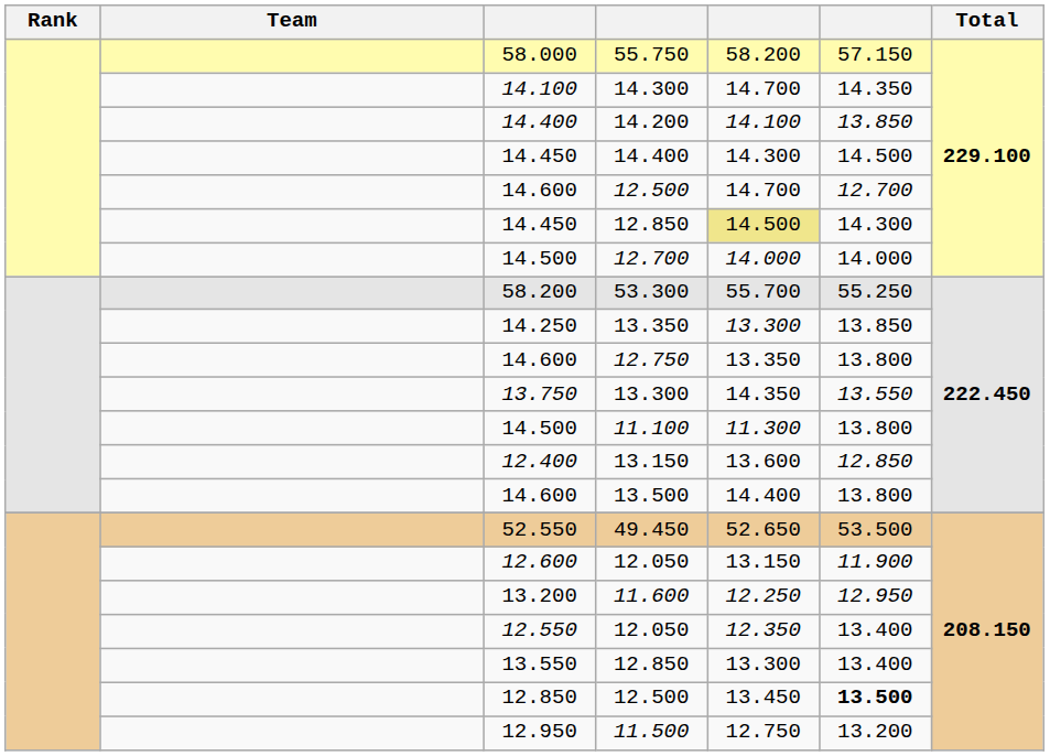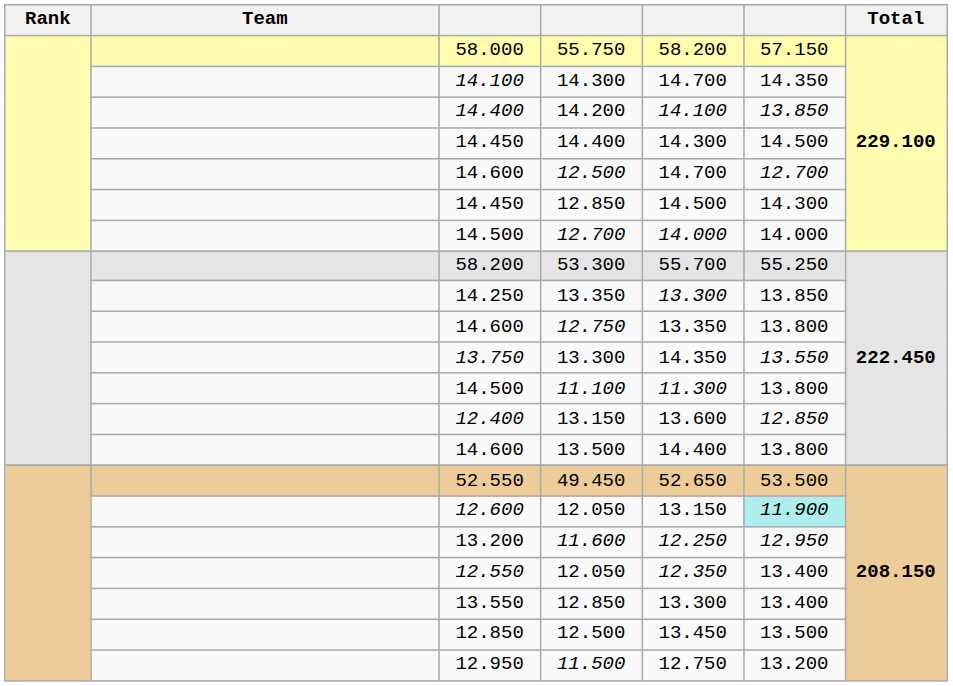 <table class="wikitable sortable" style="text-align:center; font-size:95%">
 <tr>
 <th scope="col" style="width:50px;">Rank</th>
 <th scope="col" style="width:220px;">Team</th>
 <th scope="col" style="width:60px;"></th>
 <th scope="col" style="width:60px;"></th>
 <th scope="col" style="width:60px;"></th>
 <th scope="col" style="width:60px;"></th>
 <th scope="col" style="width:60px;">Total</th>
 </tr>
 <tr style="background:#fffcaf;">
 <td rowspan=7></td>
 <td style="text-align:left;"><strong></strong></td>
 <td>58.000</td>
 <td>55.750</td>
 <td>58.200</td>
 <td>57.150</td>
 <td rowspan=7><strong>229.100</strong></td>
 </tr>
 <tr>
 <td style="text-align:left;"></td>
 <td><em>14.100</em></td>
 <td>14.300</td>
 <td>14.700</td>
 <td>14.350</td>
 </tr>
 <tr>
 <td style="text-align:left;"></td>
 <td><em>14.400</em></td>
 <td>14.200</td>
 <td><em>14.100</em></td>
 <td><em>13.850</em></td>
 </tr>
 <tr>
 <td style="text-align:left;"></td>
 <td>14.450</td>
 <td>14.400</td>
 <td>14.300</td>
 <td>14.500</td>
 </tr>
 <tr>
 <td style="text-align:left;"></td>
 <td>14.600</td>
 <td><em>12.500</em></td>
 <td>14.700</td>
 <td><em>12.700</em></td>
 </tr>
 <tr>
 <td style="text-align:left;"></td>
 <td>14.450</td>
 <td>12.850</td>
-<td style="background: khaki;">14.500</td>
+<td>14.500</td>
 <td>14.300</td>
 </tr>
 <tr>
 <td style="text-align:left;"></td>
 <td>14.500</td>
 <td><em>12.700</em></td>
 <td><em>14.000</em></td>
 <td>14.000</td>
 </tr>
 <tr style="background:#e5e5e5;">
 <td rowspan=7></td>
 <td style="text-align:left;"><strong></strong></td>
 <td>58.200</td>
 <td>53.300</td>
 <td>55.700</td>
 <td>55.250</td>
 <td rowspan=7><strong>222.450</strong></td>
 </tr>
 <tr>
 <td style="text-align:left;"></td>
 <td>14.250</td>
 <td>13.350</td>
 <td><em>13.300</em></td>
 <td>13.850</td>
 </tr>
 <tr>
 <td style="text-align:left;"></td>
 <td>14.600</td>
 <td><em>12.750</em></td>
 <td>13.350</td>
 <td>13.800</td>
 </tr>
 <tr>
 <td style="text-align:left;"></td>
 <td><em>13.750</em></td>
 <td>13.300</td>
 <td>14.350</td>
 <td><em>13.550</em></td>
 </tr>
 <tr>
 <td style="text-align:left;"></td>
 <td>14.500</td>
 <td><em>11.100</em></td>
 <td><em>11.300</em></td>
 <td>13.800</td>
 </tr>
 <tr>
 <td style="text-align:left;"></td>
 <td><em>12.400</em></td>
 <td>13.150</td>
 <td>13.600</td>
 <td><em>12.850</em></td>
 </tr>
 <tr>
 <td style="text-align:left;"></td>
 <td>14.600</td>
 <td>13.500</td>
 <td>14.400</td>
 <td>13.800</td>
 </tr>
 <tr>
 </tr>
 <tr style="background:#ec9;">
 <td rowspan=7></td>
 <td style="text-align:left;"><strong></strong></td>
 <td>52.550</td>
 <td>49.450</td>
 <td>52.650</td>
 <td>53.500</td>
 <td rowspan=7><strong>208.150</strong></td>
 </tr>
 <tr>
 <td style="text-align:left;"></td>
 <td><em>12.600</em></td>
 <td>12.050</td>
 <td>13.150</td>
-<td><em>11.900</em></td>
+<td style="background: paleturquoise;"><em>11.900</em></td>
 </tr>
 <tr>
 <td style="text-align:left;"></td>
 <td>13.200</td>
 <td><em>11.600</em></td>
 <td><em>12.250</em></td>
 <td><em>12.950</em></td>
 </tr>
 <tr>
 <td style="text-align:left;"></td>
 <td><em>12.550</em></td>
 <td>12.050</td>
 <td><em>12.350</em></td>
 <td>13.400</td>
 </tr>
 <tr>
 <td style="text-align:left;"></td>
 <td>13.550</td>
 <td>12.850</td>
 <td>13.300</td>
 <td>13.400</td>
 </tr>
 <tr>
 <td style="text-align:left;"></td>
 <td>12.850</td>
 <td>12.500</td>
 <td>13.450</td>
-<td><strong>13.500</strong></td>
+<td>13.500</td>
 </tr>
 <tr>
 <td style="text-align:left;"></td>
 <td>12.950</td>
 <td><em>11.500</em></td>
 <td>12.750</td>
 <td>13.200</td>
 </tr>
 </table>
